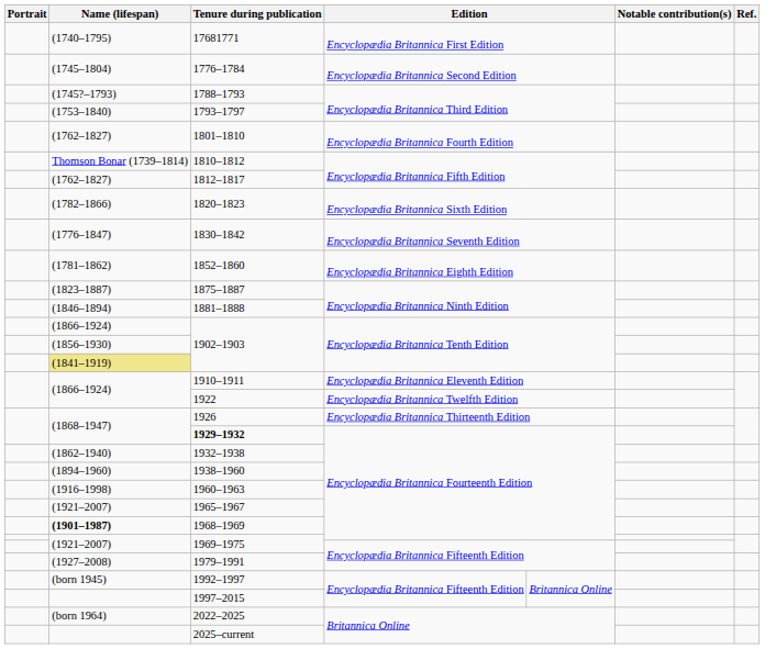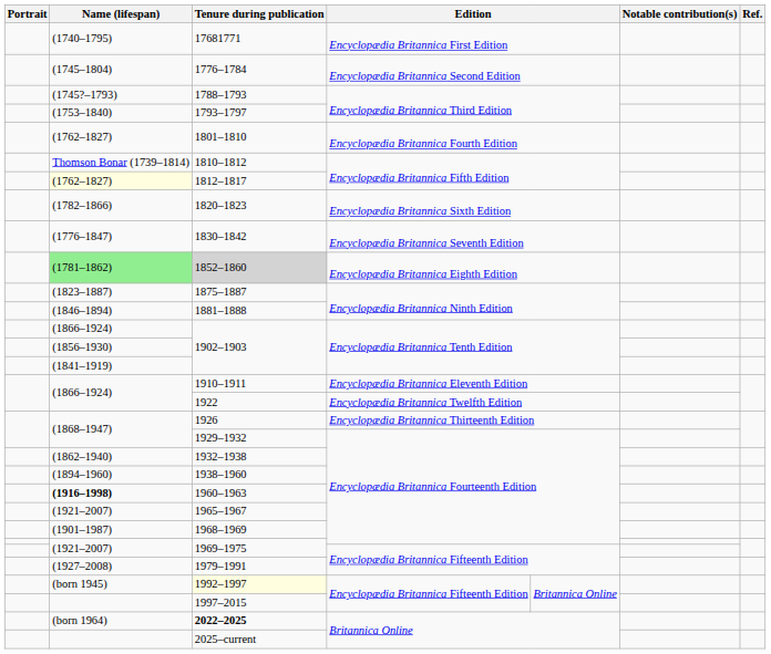 <table class="wikitable">
 <tr>
 <th>Portrait</th>
 <th>Name (lifespan)</th>
 <th>Tenure during publication</th>
 <th colspan="2">Edition</th>
 <th>Notable contribution(s)</th>
 <th>Ref.</th>
 </tr>
 <tr>
 <td></td>
 <td> (1740–1795)</td>
 <td>17681771</td>
 <td colspan="2"><br><a href='#'><em>Encyclopædia Britannica</em> First Edition</a></td>
 <td></td>
 <td></td>
 </tr>
 <tr>
 <td></td>
 <td> (1745–1804)</td>
 <td>1776–1784</td>
 <td colspan="2"><br><a href='#'><em>Encyclopædia Britannica</em> Second Edition</a></td>
 <td></td>
 <td></td>
 </tr>
 <tr>
 <td></td>
 <td> (1745?–1793)</td>
 <td>1788–1793</td>
 <td colspan="2" rowspan="2"><br><a href='#'><em>Encyclopædia Britannica</em> Third Edition</a></td>
 <td></td>
 <td></td>
 </tr>
 <tr>
 <td></td>
 <td> (1753–1840)</td>
 <td>1793–1797</td>
 <td></td>
 <td></td>
 </tr>
 <tr>
 <td></td>
 <td> (1762–1827)</td>
 <td>1801–1810</td>
 <td colspan="2"><br><a href='#'><em>Encyclopædia Britannica</em> Fourth Edition</a></td>
 <td></td>
 <td></td>
 </tr>
 <tr>
 <td></td>
 <td><a href='#'>Thomson Bonar</a> (1739–1814)</td>
 <td>1810–1812</td>
 <td colspan="2" rowspan="2"><br><a href='#'><em>Encyclopædia Britannica</em> Fifth Edition</a></td>
 <td></td>
 <td></td>
 </tr>
 <tr>
 <td></td>
-<td> (1762–1827)</td>
+<td style="background: lightyellow;"> (1762–1827)</td>
 <td>1812–1817</td>
 <td></td>
 <td></td>
 </tr>
 <tr>
 <td></td>
 <td> (1782–1866)</td>
 <td>1820–1823</td>
 <td colspan="2"><br><a href='#'><em>Encyclopædia Britannica</em> Sixth Edition</a></td>
 <td></td>
 <td></td>
 </tr>
 <tr>
 <td></td>
 <td> (1776–1847)</td>
 <td>1830–1842</td>
 <td colspan="2"><br><a href='#'><em>Encyclopædia Britannica</em> Seventh Edition</a></td>
 <td></td>
 <td></td>
 </tr>
 <tr>
 <td></td>
-<td> (1781–1862)</td>
-<td>1852–1860</td>
+<td style="background: lightgreen;"> (1781–1862)</td>
+<td style="background: lightgrey;">1852–1860</td>
 <td colspan="2"><br><a href='#'><em>Encyclopædia Britannica</em> Eighth Edition</a></td>
 <td></td>
 <td></td>
 </tr>
 <tr>
 <td></td>
 <td> (1823–1887)</td>
 <td>1875–1887</td>
 <td colspan="2" rowspan="2"><br><a href='#'><em>Encyclopædia Britannica</em> Ninth Edition</a></td>
 <td></td>
 <td></td>
 </tr>
 <tr>
 <td></td>
 <td> (1846–1894)</td>
 <td>1881–1888</td>
 <td></td>
 <td></td>
 </tr>
 <tr>
 <td></td>
 <td> (1866–1924)</td>
 <td rowspan="3">1902–1903</td>
 <td colspan="2" rowspan="3"><a href='#'><em>Encyclopædia Britannica</em> Tenth Edition</a></td>
 <td></td>
 <td></td>
 </tr>
 <tr>
 <td></td>
 <td> (1856–1930)</td>
 <td></td>
 <td></td>
 </tr>
 <tr>
 <td></td>
-<td style="background: khaki;"> (1841–1919)</td>
+<td> (1841–1919)</td>
 <td></td>
 <td></td>
 </tr>
 <tr>
 <td rowspan="2"></td>
 <td rowspan="2"> (1866–1924)</td>
 <td>1910–1911</td>
 <td colspan="2"><a href='#'><em>Encyclopædia Britannica</em> Eleventh Edition</a></td>
 <td></td>
 <td rowspan="2"></td>
 </tr>
 <tr>
 <td>1922</td>
 <td colspan="2"><a href='#'><em>Encyclopædia Britannica</em> Twelfth Edition</a></td>
 <td></td>
 </tr>
 <tr>
 <td rowspan="2"></td>
 <td rowspan="2"> (1868–1947)</td>
 <td>1926</td>
 <td colspan="2"><a href='#'><em>Encyclopædia Britannica</em> Thirteenth Edition</a></td>
 <td></td>
 <td rowspan="2"></td>
 </tr>
 <tr>
-<td><strong>1929–1932</strong></td>
+<td>1929–1932</td>
 <td colspan="2" rowspan="7"><a href='#'><em>Encyclopædia Britannica</em> Fourteenth Edition</a></td>
 <td></td>
 </tr>
 <tr>
 <td></td>
 <td> (1862–1940)</td>
 <td>1932–1938</td>
 <td></td>
 <td></td>
 </tr>
 <tr>
 <td></td>
 <td> (1894–1960)</td>
 <td>1938–1960</td>
 <td></td>
 <td></td>
 </tr>
 <tr>
 <td></td>
-<td> (1916–1998)</td>
+<td><strong> (1916–1998)</strong></td>
 <td>1960–1963</td>
 <td></td>
 <td></td>
 </tr>
 <tr>
 <td></td>
 <td> (1921–2007)</td>
 <td>1965–1967</td>
 <td></td>
 <td></td>
 </tr>
 <tr>
 <td></td>
-<td><strong> (1901–1987)</strong></td>
+<td> (1901–1987)</td>
 <td>1968–1969</td>
 <td></td>
 <td></td>
 </tr>
 <tr>
 <td></td>
 <td rowspan="2"> (1921–2007)</td>
 <td rowspan="2">1969–1975</td>
 <td></td>
 <td rowspan="2"></td>
 </tr>
 <tr>
 <td></td>
 <td colspan="2" rowspan="2"><a href='#'><em>Encyclopædia Britannica</em> Fifteenth Edition</a></td>
 <td></td>
 </tr>
 <tr>
 <td></td>
 <td> (1927–2008)</td>
 <td>1979–1991</td>
 <td></td>
 <td></td>
 </tr>
 <tr>
 <td></td>
 <td> (born 1945)</td>
-<td>1992–1997</td>
+<td style="background: lightyellow;">1992–1997</td>
 <td rowspan="2"><a href='#'><em>Encyclopædia Britannica</em> Fifteenth Edition</a></td>
 <td rowspan="2"><em><a href='#'>Britannica Online</a></em></td>
 <td></td>
 <td></td>
 </tr>
 <tr>
 <td></td>
 <td></td>
 <td>1997–2015</td>
 <td></td>
 <td></td>
 </tr>
 <tr>
 <td></td>
 <td> (born 1964)</td>
-<td>2022–2025</td>
+<td><strong>2022–2025</strong></td>
 <td colspan="2" rowspan="2"><em><a href='#'>Britannica Online</a></em></td>
 <td></td>
 <td></td>
 </tr>
 <tr>
 <td></td>
 <td></td>
 <td>2025–current</td>
 <td></td>
 <td></td>
 </tr>
 </table>
